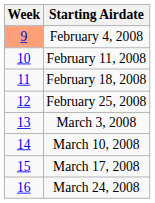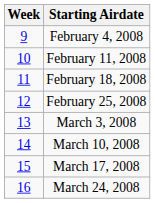 <table class="wikitable plainrowheaders" style="text-align: center">
 <tr>
 <th>Week</th>
 <th>Starting Airdate</th>
 </tr>
 <tr>
-<td style="background: lightsalmon;"><a href='#'>9</a></td>
+<td><a href='#'>9</a></td>
 <td>February 4, 2008</td>
 </tr>
 <tr>
 <td><a href='#'>10</a></td>
 <td>February 11, 2008</td>
 </tr>
 <tr>
 <td><a href='#'>11</a></td>
 <td>February 18, 2008</td>
 </tr>
 <tr>
 <td><a href='#'>12</a></td>
 <td>February 25, 2008</td>
 </tr>
 <tr>
 <td><a href='#'>13</a></td>
 <td>March 3, 2008</td>
 </tr>
 <tr>
 <td><a href='#'>14</a></td>
 <td>March 10, 2008</td>
 </tr>
 <tr>
 <td><a href='#'>15</a></td>
 <td>March 17, 2008</td>
 </tr>
 <tr>
 <td><a href='#'>16</a></td>
 <td>March 24, 2008</td>
 </tr>
 </table>
